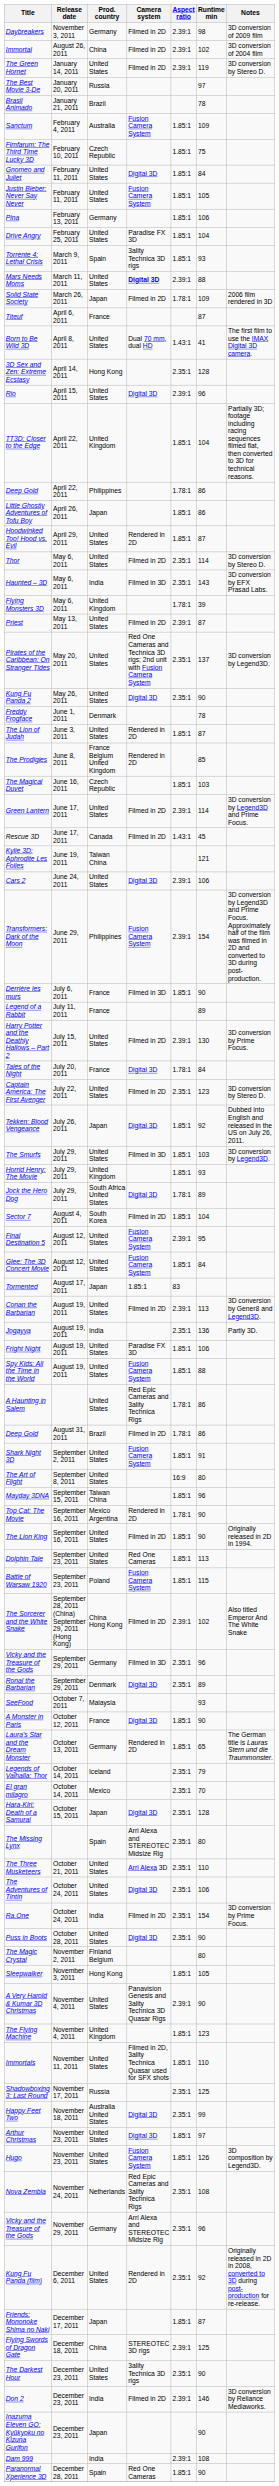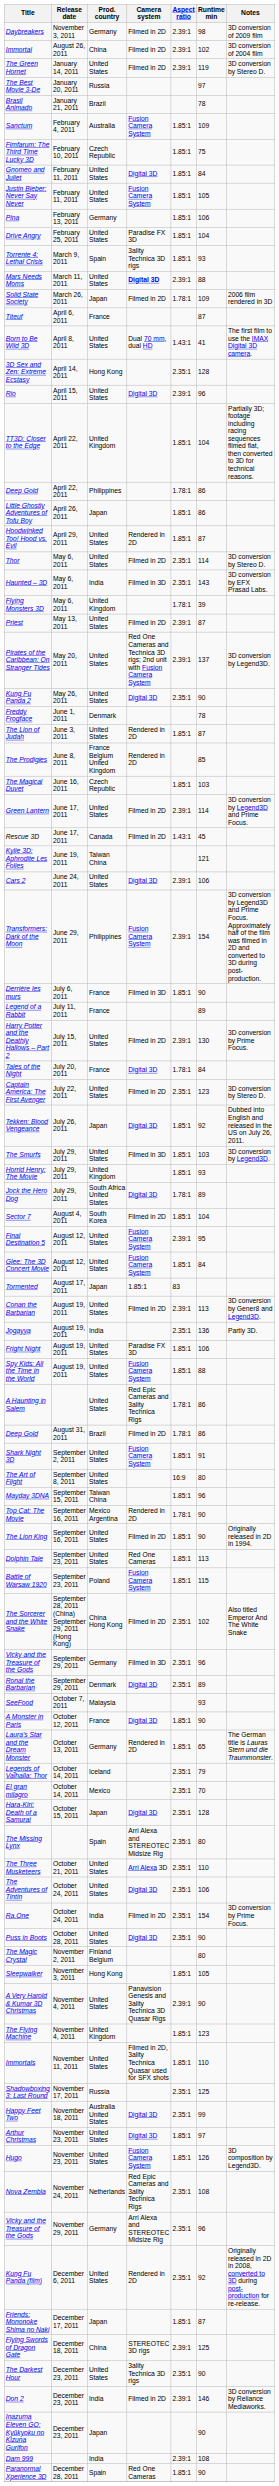 <table class="wikitable sortable" width="100%">
 <tr>
 <th width="22%">Title</th>
 <th width="12%">Release date</th>
 <th width="10%">Prod. country</th>
 <th width="15%">Camera system</th>
 <th width="5%"><a href='#'>Aspect ratio</a></th>
 <th width="3%">Runtime min</th>
 <th width="33%" class="unsortable">Notes</th>
 </tr>
 <tr>
 <td><em><a href='#'>Daybreakers</a></em></td>
 <td>November 3, 2011</td>
 <td>Germany</td>
 <td>Filmed in 2D</td>
 <td>2.39:1</td>
 <td>98</td>
 <td>3D conversion of 2009 film</td>
 </tr>
 <tr>
 <td><em><a href='#'>Immortal</a></em></td>
 <td>August 26, 2011</td>
 <td>China</td>
 <td>Filmed in 2D</td>
 <td>2.39:1</td>
 <td>102</td>
 <td>3D conversion of 2004 film</td>
 </tr>
 <tr>
 <td><em><a href='#'>The Green Hornet</a></em></td>
 <td>January 14, 2011</td>
 <td>United States</td>
 <td>Filmed in 2D</td>
 <td>2.39:1</td>
 <td>119</td>
 <td>3D conversion by Stereo D.</td>
 </tr>
 <tr>
 <td><em><a href='#'>The Best Movie 3-De</a></em></td>
 <td>January 20, 2011</td>
 <td>Russia</td>
 <td></td>
 <td></td>
 <td>97</td>
 <td></td>
 </tr>
 <tr>
 <td><em><a href='#'>Brasil Animado</a></em></td>
 <td>January 21, 2011</td>
 <td>Brazil</td>
 <td></td>
 <td></td>
 <td>78</td>
 <td></td>
 </tr>
 <tr>
 <td><em><a href='#'>Sanctum</a></em></td>
 <td>February 4, 2011</td>
 <td>Australia</td>
 <td><a href='#'>Fusion Camera System</a></td>
 <td>1.85:1</td>
 <td>109</td>
 <td></td>
 </tr>
 <tr>
 <td><em><a href='#'>Fimfarum: The Third Time Lucky 3D</a></em></td>
 <td>February 10, 2011</td>
 <td>Czech Republic</td>
 <td></td>
 <td>1.85:1</td>
 <td>75</td>
 <td></td>
 </tr>
 <tr>
 <td><em><a href='#'>Gnomeo and Juliet</a></em></td>
 <td>February 11, 2011</td>
 <td>United States</td>
 <td><a href='#'>Digital 3D</a></td>
 <td>1.85:1</td>
 <td>84</td>
 <td></td>
 </tr>
 <tr>
 <td><em><a href='#'>Justin Bieber: Never Say Never</a></em></td>
 <td>February 11, 2011</td>
 <td>United States</td>
 <td><a href='#'>Fusion Camera System</a></td>
 <td>1.85:1</td>
 <td>105</td>
 <td></td>
 </tr>
 <tr>
 <td><em><a href='#'>Pina</a></em></td>
 <td>February 13, 2011</td>
 <td>Germany</td>
 <td></td>
 <td>1.85:1</td>
 <td>106</td>
 <td></td>
 </tr>
 <tr>
 <td><em><a href='#'>Drive Angry</a></em></td>
 <td>February 25, 2011</td>
 <td>United States</td>
 <td>Paradise FX 3D</td>
 <td>1.85:1</td>
 <td>104</td>
 <td></td>
 </tr>
 <tr>
 <td><em><a href='#'>Torrente 4: Lethal Crisis</a></em></td>
 <td>March 9, 2011</td>
 <td>Spain</td>
 <td>3ality Technica 3D rigs</td>
 <td>1.85:1</td>
 <td>93</td>
 <td></td>
 </tr>
 <tr>
 <td><em><a href='#'>Mars Needs Moms</a></em></td>
 <td>March 11, 2011</td>
 <td>United States</td>
 <td><strong><a href='#'>Digital 3D</a></strong></td>
 <td>2.39:1</td>
 <td>88</td>
 <td></td>
 </tr>
 <tr>
 <td><em><a href='#'>Solid State Society</a></em></td>
 <td>March 26, 2011</td>
 <td>Japan</td>
 <td>Filmed in 2D</td>
 <td>1.78:1</td>
 <td>109</td>
 <td>2006 film rendered in 3D</td>
 </tr>
 <tr>
 <td><em><a href='#'>Titeuf</a></em></td>
 <td>April 6, 2011</td>
 <td>France</td>
 <td></td>
 <td></td>
 <td>87</td>
 <td></td>
 </tr>
 <tr>
 <td><em><a href='#'>Born to Be Wild 3D</a></em></td>
 <td>April 8, 2011</td>
 <td>United States</td>
 <td>Dual <a href='#'>70 mm</a>, dual <a href='#'>HD</a></td>
 <td>1.43:1</td>
 <td>41</td>
 <td>The first film to use the <a href='#'>IMAX Digital 3D camera</a>.</td>
 </tr>
 <tr>
 <td><em><a href='#'>3D Sex and Zen: Extreme Ecstasy</a></em></td>
 <td>April 14, 2011</td>
 <td>Hong Kong</td>
 <td></td>
 <td>2.35:1</td>
 <td>128</td>
 <td></td>
 </tr>
 <tr>
 <td><em><a href='#'>Rio</a></em></td>
 <td>April 15, 2011</td>
 <td>United States</td>
 <td><a href='#'>Digital 3D</a></td>
 <td>2.39:1</td>
 <td>96</td>
 <td></td>
 </tr>
 <tr>
 <td><em><a href='#'>TT3D: Closer to the Edge</a></em></td>
 <td>April 22, 2011</td>
 <td>United Kingdom</td>
 <td></td>
 <td>1.85:1</td>
 <td>104</td>
 <td>Partially 3D; footage including racing sequences filmed flat, then converted to 3D for technical reasons.</td>
 </tr>
 <tr>
 <td><em><a href='#'>Deep Gold</a></em></td>
 <td>April 22, 2011</td>
 <td>Philippines</td>
 <td></td>
 <td>1.78:1</td>
 <td>86</td>
 <td></td>
 </tr>
 <tr>
 <td><em><a href='#'>Little Ghostly Adventures of Tofu Boy</a></em></td>
 <td>April 26, 2011</td>
 <td>Japan</td>
 <td></td>
 <td>1.85:1</td>
 <td>86</td>
 <td></td>
 </tr>
 <tr>
 <td><em><a href='#'>Hoodwinked Too! Hood vs. Evil</a></em></td>
 <td>April 29, 2011</td>
 <td>United States</td>
 <td>Rendered in 2D</td>
 <td>1.85:1</td>
 <td>87</td>
 <td></td>
 </tr>
 <tr>
 <td><em><a href='#'>Thor</a></em></td>
 <td>May 6, 2011</td>
 <td>United States</td>
 <td>Filmed in 2D</td>
 <td>2.35:1</td>
 <td>114</td>
 <td>3D conversion by Stereo D.</td>
 </tr>
 <tr>
 <td><em><a href='#'>Haunted – 3D</a></em></td>
 <td>May 6, 2011</td>
 <td>India</td>
 <td>Filmed in 3D</td>
 <td>2.35:1</td>
 <td>143</td>
 <td>3D conversion by EFX Prasad Labs.</td>
 </tr>
 <tr>
 <td><em><a href='#'>Flying Monsters 3D</a></em></td>
 <td>May 6, 2011</td>
 <td>United Kingdom</td>
 <td></td>
 <td>1.78:1</td>
 <td>39</td>
 <td></td>
 </tr>
 <tr>
 <td><em><a href='#'>Priest</a></em></td>
 <td>May 13, 2011</td>
 <td>United States</td>
 <td>Filmed in 2D</td>
 <td>2.39:1</td>
 <td>87</td>
 <td></td>
 </tr>
 <tr>
 <td><em><a href='#'>Pirates of the Caribbean: On Stranger Tides</a></em></td>
 <td>May 20, 2011</td>
 <td>United States</td>
 <td>Red One Cameras and Technica 3D rigs; 2nd unit with <a href='#'>Fusion Camera System</a></td>
-<td>2.35:1</td>
+<td>2.39:1</td>
 <td>137</td>
 <td>3D conversion by Legend3D.</td>
 </tr>
 <tr>
 <td><em><a href='#'>Kung Fu Panda 2</a></em></td>
 <td>May 26, 2011</td>
 <td>United States</td>
 <td><a href='#'>Digital 3D</a></td>
 <td>2.35:1</td>
 <td>90</td>
 <td></td>
 </tr>
 <tr>
 <td><em><a href='#'>Freddy Frogface</a></em></td>
 <td>June 1, 2011</td>
 <td>Denmark</td>
 <td></td>
 <td></td>
 <td>78</td>
 <td></td>
 </tr>
 <tr>
 <td><em><a href='#'>The Lion of Judah</a></em></td>
 <td>June 3, 2011</td>
 <td>United States</td>
 <td>Rendered in 2D</td>
 <td>1.85:1</td>
 <td>87</td>
 <td></td>
 </tr>
 <tr>
 <td><em><a href='#'>The Prodigies</a></em></td>
 <td>June 8, 2011</td>
 <td>France<br>Belgium<br> United Kingdom</td>
 <td>Rendered in 2D</td>
 <td></td>
 <td>85</td>
 <td></td>
 </tr>
 <tr>
 <td><em><a href='#'>The Magical Duvet</a></em></td>
 <td>June 16, 2011</td>
 <td>Czech Republic</td>
 <td></td>
 <td>1.85:1</td>
 <td>103</td>
 <td></td>
 </tr>
 <tr>
 <td><em><a href='#'>Green Lantern</a></em></td>
 <td>June 17, 2011</td>
 <td>United States</td>
 <td>Filmed in 2D</td>
 <td>2.39:1</td>
 <td>114</td>
 <td>3D conversion by <a href='#'>Legend3D</a> and Prime Focus.</td>
 </tr>
 <tr>
 <td><em>Rescue 3D</em></td>
 <td>June 17, 2011</td>
 <td>Canada</td>
 <td>Filmed in 2D</td>
 <td>1.43:1</td>
 <td>45</td>
 <td></td>
 </tr>
 <tr>
 <td><em><a href='#'>Kylie 3D: Aphrodite Les Folies</a></em></td>
 <td>June 19, 2011</td>
 <td>Taiwan<br>China</td>
 <td></td>
 <td></td>
 <td>121</td>
 <td></td>
 </tr>
 <tr>
 <td><em><a href='#'>Cars 2</a></em></td>
 <td>June 24, 2011</td>
 <td>United States</td>
 <td><a href='#'>Digital 3D</a></td>
 <td>2.39:1</td>
 <td>106</td>
 <td></td>
 </tr>
 <tr>
 <td><em><a href='#'>Transformers: Dark of the Moon</a></em></td>
 <td>June 29, 2011</td>
 <td>Philippines</td>
 <td><a href='#'>Fusion Camera System</a></td>
 <td>2.39:1</td>
 <td>154</td>
 <td>3D conversion by Legend3D and Prime Focus. Approximately half of the film was filmed in 2D and converted to 3D during post-production.</td>
 </tr>
 <tr>
 <td><em><a href='#'>Derrière les murs</a></em></td>
 <td>July 6, 2011</td>
 <td>France</td>
 <td>Filmed in 3D</td>
 <td>1.85:1</td>
 <td>90</td>
 <td></td>
 </tr>
 <tr>
 <td><em><a href='#'>Legend of a Rabbit</a></em></td>
 <td>July 11, 2011</td>
 <td>France</td>
 <td></td>
 <td></td>
 <td>89</td>
 <td></td>
 </tr>
 <tr>
 <td><em><a href='#'>Harry Potter and the Deathly Hallows – Part 2</a></em></td>
 <td>July 15, 2011</td>
 <td>United States</td>
 <td>Filmed in 2D</td>
 <td>2.39:1</td>
 <td>130</td>
 <td>3D conversion by Prime Focus.</td>
 </tr>
 <tr>
 <td><em><a href='#'>Tales of the Night</a></em></td>
 <td>July 20, 2011</td>
 <td>France</td>
 <td><a href='#'>Digital 3D</a></td>
 <td>1.78:1</td>
 <td>84</td>
 <td></td>
 </tr>
 <tr>
 <td><em><a href='#'>Captain America: The First Avenger</a></em></td>
 <td>July 22, 2011</td>
 <td>United States</td>
 <td>Filmed in 2D</td>
 <td>2.35:1</td>
 <td>123</td>
 <td>3D conversion by Stereo D.</td>
 </tr>
 <tr>
 <td><em><a href='#'>Tekken: Blood Vengeance</a></em></td>
 <td>July 26, 2011</td>
 <td>Japan</td>
 <td><a href='#'>Digital 3D</a></td>
 <td>1.85:1</td>
 <td>92</td>
 <td>Dubbed into English and released in the US on July 26, 2011.</td>
 </tr>
 <tr>
 <td><em><a href='#'>The Smurfs</a></em></td>
 <td>July 29, 2011</td>
 <td>United States</td>
 <td>Filmed in 3D</td>
 <td>1.85:1</td>
 <td>103</td>
 <td>3D conversion by <a href='#'>Legend3D</a>.</td>
 </tr>
 <tr>
 <td><em><a href='#'>Horrid Henry: The Movie</a></em></td>
 <td>July 29, 2011</td>
 <td>United Kingdom</td>
 <td></td>
 <td>1.85:1</td>
 <td>93</td>
 <td></td>
 </tr>
 <tr>
 <td><em><a href='#'>Jock the Hero Dog</a></em></td>
 <td>July 29, 2011</td>
 <td>South Africa<br>United States</td>
 <td><a href='#'>Digital 3D</a></td>
 <td>1.78:1</td>
 <td>89</td>
 <td></td>
 </tr>
 <tr>
 <td><em><a href='#'>Sector 7</a></em></td>
 <td>August 4, 2011</td>
 <td>South Korea</td>
 <td>Filmed in 2D</td>
 <td>1.85:1</td>
 <td>104</td>
 <td></td>
 </tr>
 <tr>
 <td><em><a href='#'>Final Destination 5</a></em></td>
 <td>August 12, 2011</td>
 <td>United States</td>
 <td><a href='#'>Fusion Camera System</a></td>
 <td>2.39:1</td>
 <td>95</td>
 <td></td>
 </tr>
 <tr>
 <td><em><a href='#'>Glee: The 3D Concert Movie</a></em></td>
 <td>August 12, 2011</td>
 <td>United States</td>
 <td><a href='#'>Fusion Camera System</a></td>
 <td>1.85:1</td>
 <td>84</td>
 <td></td>
 </tr>
 <tr>
 <td><em><a href='#'>Tormented</a></em></td>
 <td>August 17, 2011</td>
 <td>Japan</td>
 <td>1.85:1</td>
 <td>83</td>
 <td></td>
 </tr>
 <tr>
 <td><em><a href='#'>Conan the Barbarian</a></em></td>
 <td>August 19, 2011</td>
 <td>United States</td>
 <td>Filmed in 2D</td>
 <td>2.39:1</td>
 <td>113</td>
 <td>3D conversion by Gener8 and <a href='#'>Legend3D</a>.</td>
 </tr>
 <tr>
 <td><em><a href='#'>Jogayya</a></em></td>
 <td>August 19, 2011</td>
 <td>India</td>
 <td></td>
 <td>2.35:1</td>
 <td>136</td>
 <td>Partly 3D.</td>
 </tr>
 <tr>
 <td><em><a href='#'>Fright Night</a></em></td>
 <td>August 19, 2011</td>
 <td>United States</td>
 <td>Paradise FX 3D</td>
 <td>1.85:1</td>
 <td>106</td>
 <td></td>
 </tr>
 <tr>
 <td><em><a href='#'>Spy Kids: All the Time in the World</a></em></td>
 <td>August 19, 2011</td>
 <td>United States</td>
 <td><a href='#'>Fusion Camera System</a></td>
 <td>1.85:1</td>
 <td>88</td>
 <td></td>
 </tr>
 <tr>
 <td><em><a href='#'>A Haunting in Salem</a></em></td>
 <td></td>
 <td>United States</td>
 <td>Red Epic Cameras and 3ality Technica Rigs</td>
 <td>1.78:1</td>
 <td>86</td>
 <td></td>
 </tr>
 <tr>
 <td><em><a href='#'>Deep Gold</a></em></td>
 <td>August 31, 2011</td>
 <td>Brazil</td>
 <td>Filmed in 2D</td>
 <td>1.78:1</td>
 <td>86</td>
 <td></td>
 </tr>
 <tr>
 <td><em><a href='#'>Shark Night 3D</a></em></td>
 <td>September 2, 2011</td>
 <td>United States</td>
 <td><a href='#'>Fusion Camera System</a></td>
 <td>1.85:1</td>
 <td>91</td>
 <td></td>
 </tr>
 <tr>
 <td><em><a href='#'>The Art of Flight</a></em></td>
 <td>September 8, 2011</td>
 <td>United States</td>
 <td></td>
 <td>16:9</td>
 <td>80</td>
 <td></td>
 </tr>
 <tr>
 <td><em><a href='#'>Mayday 3DNA</a></em></td>
 <td>September 15, 2011</td>
 <td>Taiwan<br>China</td>
 <td></td>
 <td>1.85:1</td>
 <td>96</td>
 <td></td>
 </tr>
 <tr>
 <td><em><a href='#'>Top Cat: The Movie</a></em></td>
 <td>September 16, 2011</td>
 <td>Mexico<br>Argentina</td>
 <td>Rendered in 2D</td>
 <td>1.78:1</td>
 <td>90</td>
 <td></td>
 </tr>
 <tr>
 <td><em><a href='#'>The Lion King</a></em></td>
 <td>September 16, 2011</td>
 <td>United States</td>
 <td>Filmed in 2D</td>
 <td>1.85:1</td>
 <td>90</td>
 <td>Originally released in 2D in 1994.</td>
 </tr>
 <tr>
 <td><em><a href='#'>Dolphin Tale</a></em></td>
 <td>September 23, 2011</td>
 <td>United States</td>
 <td>Red One Cameras</td>
 <td>1.85:1</td>
 <td>113</td>
 <td></td>
 </tr>
 <tr>
 <td><em><a href='#'>Battle of Warsaw 1920</a></em></td>
 <td>September 23, 2011</td>
 <td>Poland</td>
 <td><a href='#'>Fusion Camera System</a></td>
 <td>1.85:1</td>
 <td>115</td>
 <td></td>
 </tr>
 <tr>
 <td><em><a href='#'>The Sorcerer and the White Snake</a></em></td>
 <td>September 28, 2011 (China)<br>September 29, 2011 (Hong Kong)</td>
 <td>China<br>Hong Kong</td>
 <td>Filmed in 2D</td>
-<td>2.39:1</td>
+<td>2.35:1</td>
 <td>102</td>
 <td>Also titled Emperor And The White Snake</td>
 </tr>
 <tr>
 <td><em><a href='#'>Vicky and the Treasure of the Gods</a></em></td>
 <td>September 29, 2011</td>
 <td>Germany</td>
 <td>Filmed in 3D</td>
 <td>2.35:1</td>
 <td>96</td>
 <td></td>
 </tr>
 <tr>
 <td><em><a href='#'>Ronal the Barbarian</a></em></td>
 <td>September 29, 2011</td>
 <td>Denmark</td>
 <td><a href='#'>Digital 3D</a></td>
 <td>2.35:1</td>
 <td>89</td>
 <td></td>
 </tr>
 <tr>
 <td><em><a href='#'>SeeFood</a></em></td>
 <td>October 7, 2011</td>
 <td>Malaysia</td>
 <td></td>
 <td></td>
 <td>93</td>
 <td></td>
 </tr>
 <tr>
 <td><em><a href='#'>A Monster in Paris</a></em></td>
 <td>October 12, 2011</td>
 <td>France</td>
 <td><a href='#'>Digital 3D</a></td>
 <td>1.85:1</td>
 <td>90</td>
 <td></td>
 </tr>
 <tr>
 <td><em><a href='#'>Laura's Star and the Dream Monster</a></em></td>
 <td>October 13, 2011</td>
 <td>Germany</td>
 <td>Rendered in 2D</td>
 <td>1.85:1</td>
 <td>65</td>
 <td>The German title is <em>Lauras Stern und die Traummonster</em>.</td>
 </tr>
 <tr>
 <td><em><a href='#'>Legends of Valhalla: Thor</a></em></td>
 <td>October 14, 2011</td>
 <td>Iceland</td>
 <td></td>
 <td>2.35:1</td>
 <td>79</td>
 <td></td>
 </tr>
 <tr>
 <td><em><a href='#'>El gran milagro</a></em></td>
 <td>October 14, 2011</td>
 <td>Mexico</td>
 <td></td>
 <td>2.35:1</td>
 <td>70</td>
 <td></td>
 </tr>
 <tr>
 <td><em><a href='#'>Hara-Kiri: Death of a Samurai</a></em></td>
 <td>October 15, 2011</td>
 <td>Japan</td>
 <td><a href='#'>Digital 3D</a></td>
 <td>2.35:1</td>
 <td>128</td>
 <td></td>
 </tr>
 <tr>
 <td><em><a href='#'>The Missing Lynx</a></em></td>
 <td></td>
 <td>Spain</td>
 <td>Arri Alexa and STEREOTEC Midsize Rig</td>
 <td>2.35:1</td>
 <td>80</td>
 <td></td>
 </tr>
 <tr>
 <td><em><a href='#'>The Three Musketeers</a></em></td>
 <td>October 21, 2011</td>
 <td>United States</td>
 <td><a href='#'>Arri Alexa</a> 3D</td>
 <td>2.35:1</td>
 <td>110</td>
 <td></td>
 </tr>
 <tr>
 <td><em><a href='#'>The Adventures of Tintin</a></em></td>
 <td>October 24, 2011</td>
 <td>United States</td>
 <td><a href='#'>Digital 3D</a></td>
 <td>2.35:1</td>
 <td>106</td>
 <td></td>
 </tr>
 <tr>
 <td><em><a href='#'>Ra.One</a></em></td>
 <td>October 24, 2011</td>
 <td>India</td>
 <td>Filmed in 2D</td>
 <td>2.35:1</td>
 <td>154</td>
 <td>3D conversion by Prime Focus.</td>
 </tr>
 <tr>
 <td><em><a href='#'>Puss in Boots</a></em></td>
 <td>October 28, 2011</td>
 <td>United States</td>
 <td><a href='#'>Digital 3D</a></td>
 <td>2.35:1</td>
 <td>90</td>
 <td></td>
 </tr>
 <tr>
 <td><em><a href='#'>The Magic Crystal</a></em></td>
 <td>November 2, 2011</td>
 <td>Finland<br>Belgium</td>
 <td></td>
 <td></td>
 <td>80</td>
 <td></td>
 </tr>
 <tr>
 <td><em><a href='#'>Sleepwalker</a></em></td>
 <td>November 3, 2011</td>
 <td>Hong Kong</td>
 <td></td>
 <td>1.85:1</td>
 <td>105</td>
 <td></td>
 </tr>
 <tr>
 <td><em><a href='#'>A Very Harold & Kumar 3D Christmas</a></em></td>
 <td>November 4, 2011</td>
 <td>United States</td>
 <td>Panavision Genesis and 3ality Technica 3D Quasar Rigs</td>
 <td>2.39:1</td>
 <td>90</td>
 <td></td>
 </tr>
 <tr>
 <td><em><a href='#'>The Flying Machine</a></em></td>
 <td>November 4, 2011</td>
 <td>United Kingdom</td>
 <td></td>
 <td>1.85:1</td>
 <td>123</td>
 <td></td>
 </tr>
 <tr>
 <td><em><a href='#'>Immortals</a></em></td>
 <td>November 11, 2011</td>
 <td>United States</td>
 <td>Filmed in 2D, 3ality Technica Quasar used for SFX shots</td>
 <td>1.85:1</td>
 <td>110</td>
 <td></td>
 </tr>
 <tr>
 <td><em><a href='#'>Shadowboxing 3: Last Round</a></em></td>
 <td>November 17, 2011</td>
 <td>Russia</td>
 <td></td>
 <td>2.35:1</td>
 <td>125</td>
 <td></td>
 </tr>
 <tr>
 <td><em><a href='#'>Happy Feet Two</a></em></td>
 <td>November 18, 2011</td>
 <td>Australia<br>United States</td>
 <td><a href='#'>Digital 3D</a></td>
 <td>2.35:1</td>
 <td>99</td>
 <td></td>
 </tr>
 <tr>
 <td><em><a href='#'>Arthur Christmas</a></em></td>
 <td>November 23, 2011</td>
 <td>United States</td>
 <td><a href='#'>Digital 3D</a></td>
 <td>1.85:1</td>
 <td>97</td>
 <td></td>
 </tr>
 <tr>
 <td><em><a href='#'>Hugo</a></em></td>
 <td>November 23, 2011</td>
 <td>United States</td>
 <td><a href='#'>Fusion Camera System</a></td>
 <td>1.85:1</td>
 <td>126</td>
 <td>3D composition by Legend3D.</td>
 </tr>
 <tr>
 <td><em><a href='#'>Nova Zembla</a></em></td>
 <td>November 24, 2011</td>
 <td>Netherlands</td>
 <td>Red Epic Cameras and 3ality Technica Rigs</td>
 <td>2.35:1</td>
 <td>108</td>
 <td></td>
 </tr>
 <tr>
 <td><em><a href='#'>Vicky and the Treasure of the Gods</a></em></td>
 <td>November 29, 2011</td>
 <td>Germany</td>
 <td>Arri Alexa and STEREOTEC Midsize Rig</td>
 <td>2.35:1</td>
 <td>96</td>
 <td></td>
 </tr>
 <tr>
 <td><em><a href='#'>Kung Fu Panda (film)</a></em></td>
 <td>December 6, 2011</td>
 <td>United States</td>
 <td>Rendered in 2D</td>
 <td>2.35:1</td>
 <td>92</td>
 <td>Originally released in 2D in 2008, <a href='#'>converted to 3D</a> during <a href='#'>post-production</a> for re-release.</td>
 </tr>
 <tr>
 <td><em><a href='#'>Friends: Mononoke Shima no Naki</a></em></td>
 <td>December 17, 2011</td>
 <td>Japan</td>
 <td></td>
 <td>1.85:1</td>
 <td>87</td>
 <td></td>
 </tr>
 <tr>
 <td><em><a href='#'>Flying Swords of Dragon Gate</a></em></td>
 <td>December 18, 2011</td>
 <td>China</td>
 <td>STEREOTEC 3D rigs</td>
 <td>2.39:1</td>
 <td>125</td>
 <td></td>
 </tr>
 <tr>
 <td><em><a href='#'>The Darkest Hour</a></em></td>
 <td>December 23, 2011</td>
 <td>United States</td>
 <td>3ality Technica 3D rigs</td>
 <td>2.35:1</td>
 <td>90</td>
 <td></td>
 </tr>
 <tr>
 <td><em><a href='#'>Don 2</a></em></td>
 <td>December 23, 2011</td>
 <td>India</td>
 <td>Filmed in 2D</td>
 <td>2.39:1</td>
 <td>146</td>
 <td>3D conversion by Reliance Mediaworks.</td>
 </tr>
 <tr>
 <td><em><a href='#'>Inazuma Eleven GO: Kyūkyoku no Kizuna Gurifon</a></em></td>
 <td>December 23, 2011</td>
 <td>Japan</td>
 <td></td>
 <td></td>
 <td>90</td>
 <td></td>
 </tr>
 <tr>
 <td><em><a href='#'>Dam 999</a></em></td>
 <td></td>
 <td>India</td>
 <td></td>
 <td>2.39:1</td>
 <td>108</td>
 <td></td>
 </tr>
 <tr>
 <td><em><a href='#'>Paranormal Xperience 3D</a></em></td>
 <td>December 28, 2011</td>
 <td>Spain</td>
 <td>Red One Cameras</td>
 <td>1.85:1</td>
 <td>90</td>
 <td></td>
 </tr>
 <tr>
 </tr>
 </table>
